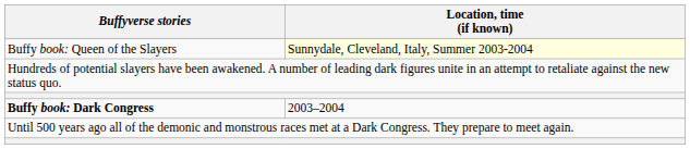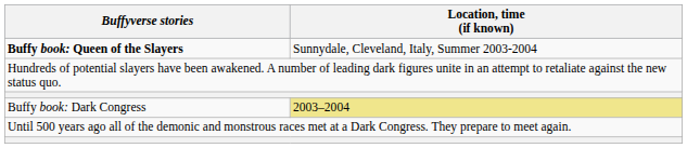 <table class="wikitable">
 <tr bgcolor="lightsteelblue" align=left>
 <th><strong><em>Buffyverse<em> stories<strong></th>
 <th></strong>Location, time<strong> <br>  (if known)</th>
 </tr>
 <tr>
-<td></em>Buffy<em> book: </em>Queen of the Slayers<em></td>
-<td style="background: lightyellow;">Sunnydale, Cleveland, Italy, Summer 2003-2004</td>
+<td><strong></em>Buffy<em> book: </em>Queen of the Slayers<em></strong></td>
+<td>Sunnydale, Cleveland, Italy, Summer 2003-2004</td>
 </tr>
 <tr>
 <td colspan="4">Hundreds of potential slayers have been awakened. A number of leading dark figures unite in an attempt to retaliate against the new status quo.</td>
 </tr>
 <tr>
 <td colspan="6" bgcolor="#f2f2f2"></td>
 </tr>
 <tr>
-<td><strong></em>Buffy<em> book: </em>Dark Congress<em></strong></td>
-<td>2003–2004</td>
+<td></em>Buffy<em> book: </em>Dark Congress<em></td>
+<td style="background: khaki;">2003–2004</td>
 </tr>
 <tr>
 <td colspan="4">Until 500 years ago all of the demonic and monstrous races met at a Dark Congress. They prepare to meet again.</td>
 </tr>
 <tr>
 <td colspan="6" bgcolor="#f2f2f2"></td>
 </tr>
 </table>
